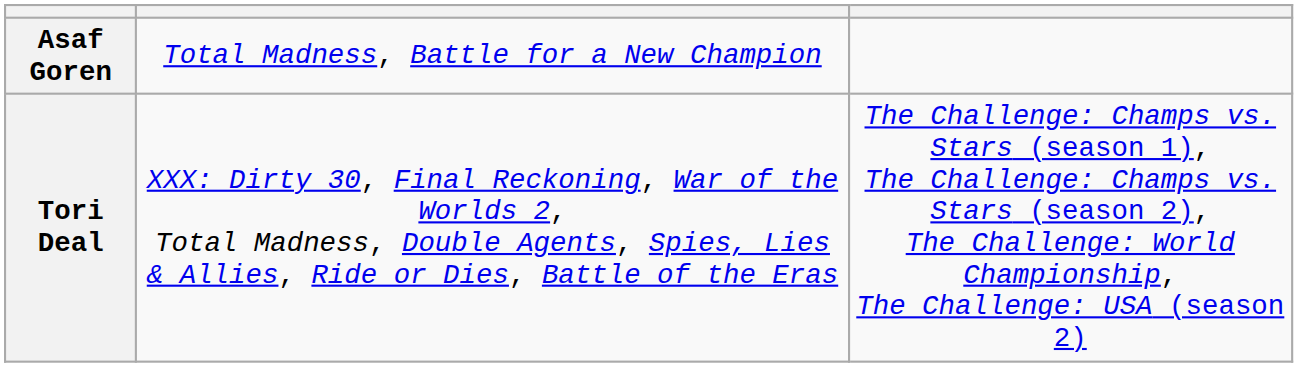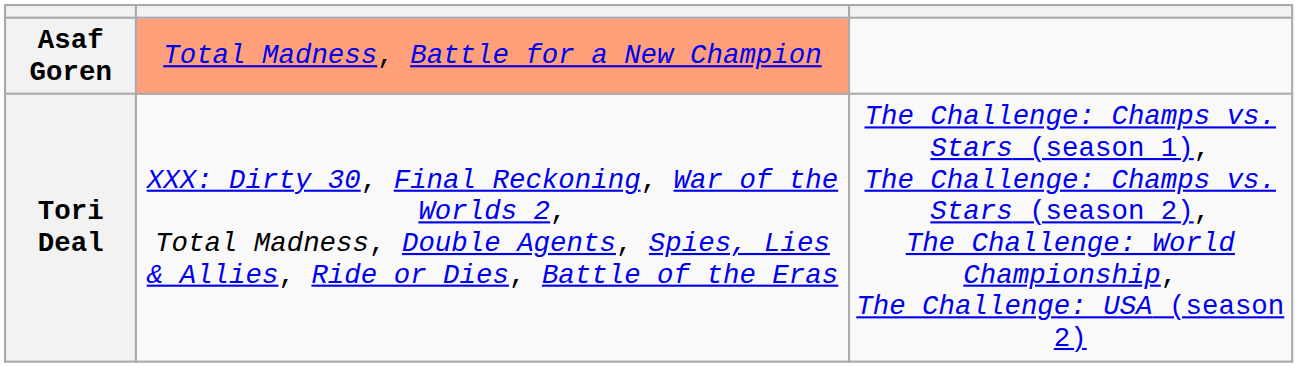 <table class="wikitable" style="text-align: center">
 <tr>
 <th scope="col"></th>
 <th scope="col"></th>
 <th scope="col"></th>
 </tr>
 <tr>
 <th scope="row">Asaf Goren</th>
-<td><em><a href='#'>Total Madness</a></em>, <em><a href='#'>Battle for a New Champion</a></em></td>
+<td style="background: lightsalmon;"><em><a href='#'>Total Madness</a></em>, <em><a href='#'>Battle for a New Champion</a></em></td>
 <td></td>
 </tr>
 <tr>
 <th scope="row">Tori Deal</th>
 <td><em><a href='#'>XXX: Dirty 30</a></em>, <em><a href='#'>Final Reckoning</a></em>, <em><a href='#'>War of the Worlds 2</a></em>,<br><em>Total Madness</em>, <em><a href='#'>Double Agents</a></em>, <em><a href='#'>Spies, Lies & Allies</a></em>, <em><a href='#'>Ride or Dies</a></em>, <em><a href='#'>Battle of the Eras</a></em></td>
 <td><a href='#'><em>The Challenge: Champs vs. Stars</em> (season 1)</a>,<br><a href='#'><em>The Challenge: Champs vs. Stars</em> (season 2)</a>,<br><em><a href='#'>The Challenge: World Championship</a></em>,<br><a href='#'><em>The Challenge: USA</em> (season 2)</a></td>
 </tr>
 </table>
